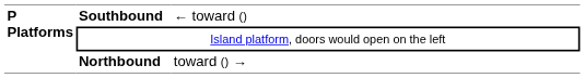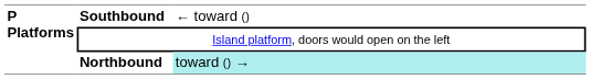 <table table border=0 cellspacing=0 cellpadding=3>
 <tr>
 <td style="border-top:solid 1px gray;border-bottom:solid 1px gray;" width=50 rowspan=7 valign=top><strong>P<br>Platforms</strong></td>
 <td style="border-top:solid 1px gray;" width=100><strong>Southbound</strong></td>
 <td style="border-top:solid 1px gray;" width=450>←  toward  <small>()</small></td>
 </tr>
 <tr>
 <td style="border-top:solid 2px black;border-right:solid 2px black;border-left:solid 2px black;border-bottom:solid 2px black;text-align:center;" colspan=2><small><a href='#'>Island platform</a>, doors would open on the left</small></td>
 </tr>
 <tr>
 <td style="border-bottom:solid 1px gray;" width=100><strong>Northbound</strong></td>
-<td style="border-bottom:solid 1px gray;" width=450>  toward  <small>()</small> →</td>
+<td style="background: paleturquoise; border-bottom:solid 1px gray;" width=450>  toward  <small>()</small> →</td>
 </tr>
 </table>
